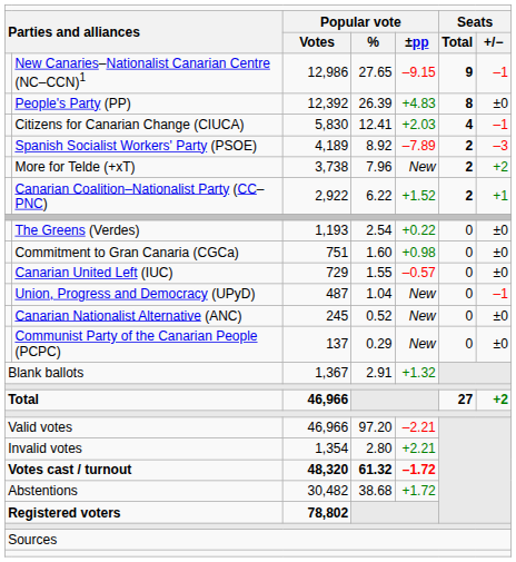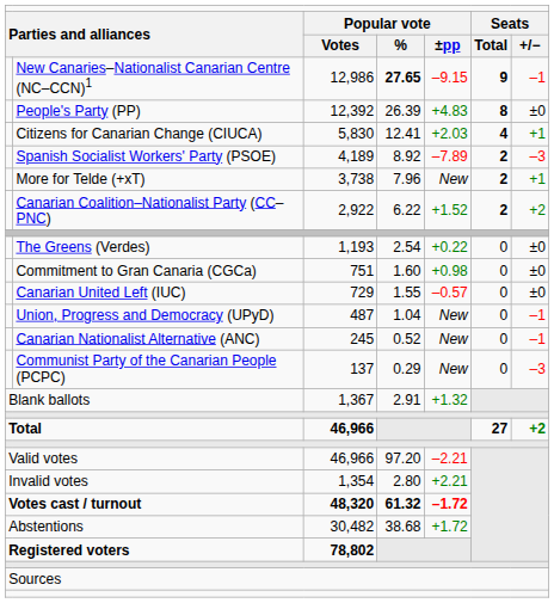 <table class="wikitable" style="text-align:right;">
 <tr>
 <td colspan="7"></td>
 </tr>
 <tr>
 <th style="text-align:left;" rowspan="2" colspan="2" width="525">Parties and alliances</th>
 <th colspan="3">Popular vote</th>
 <th colspan="2">Seats</th>
 </tr>
 <tr>
 <th width="75">Votes</th>
 <th width="45">%</th>
 <th width="45">±<a href='#'>pp</a></th>
 <th width="35">Total</th>
 <th width="35">+/−</th>
 </tr>
 <tr>
 <td width="1" style="color:inherit;background:"></td>
 <td align="left"><a href='#'>New Canaries</a>–<a href='#'>Nationalist Canarian Centre</a> (NC–CCN)<sup>1</sup></td>
 <td>12,986</td>
-<td>27.65</td>
+<td><strong>27.65</strong></td>
 <td style="color:red;">–9.15</td>
 <td><strong>9</strong></td>
 <td style="color:red;">–1</td>
 </tr>
 <tr>
 <td style="color:inherit;background:"></td>
 <td align="left"><a href='#'>People's Party</a> (PP)</td>
 <td>12,392</td>
 <td>26.39</td>
 <td style="color:green;">+4.83</td>
 <td><strong>8</strong></td>
 <td>±0</td>
 </tr>
 <tr>
 <td style="color:inherit;background:"></td>
 <td align="left">Citizens for Canarian Change (CIUCA)</td>
 <td>5,830</td>
 <td>12.41</td>
 <td style="color:green;">+2.03</td>
 <td><strong>4</strong></td>
-<td style="color:red;">–1</td>
+<td style="color:green;">+1</td>
 </tr>
 <tr>
 <td style="color:inherit;background:"></td>
 <td align="left"><a href='#'>Spanish Socialist Workers' Party</a> (PSOE)</td>
 <td>4,189</td>
 <td>8.92</td>
 <td style="color:red;">–7.89</td>
 <td><strong>2</strong></td>
 <td style="color:red;">–3</td>
 </tr>
 <tr>
 <td style="color:inherit;background:"></td>
 <td align="left">More for Telde (+xT)</td>
 <td>3,738</td>
 <td>7.96</td>
 <td><em>New</em></td>
 <td><strong>2</strong></td>
-<td style="color:green;">+2</td>
+<td style="color:green;">+1</td>
 </tr>
 <tr>
 <td style="color:inherit;background:"></td>
 <td align="left"><a href='#'>Canarian Coalition–Nationalist Party</a> (<a href='#'>CC</a>–<a href='#'>PNC</a>)</td>
 <td>2,922</td>
 <td>6.22</td>
 <td style="color:green;">+1.52</td>
 <td><strong>2</strong></td>
-<td style="color:green;">+1</td>
+<td style="color:green;">+2</td>
 </tr>
 <tr>
 <td colspan="7" bgcolor="#C0C0C0"></td>
 </tr>
 <tr>
 <td style="color:inherit;background:"></td>
 <td align="left"><a href='#'>The Greens</a> (Verdes)</td>
 <td>1,193</td>
 <td>2.54</td>
 <td style="color:green;">+0.22</td>
 <td>0</td>
 <td>±0</td>
 </tr>
 <tr>
 <td style="color:inherit;background:"></td>
 <td align="left">Commitment to Gran Canaria (CGCa)</td>
 <td>751</td>
 <td>1.60</td>
 <td style="color:green;">+0.98</td>
 <td>0</td>
 <td>±0</td>
 </tr>
 <tr>
 <td style="color:inherit;background:"></td>
 <td align="left"><a href='#'>Canarian United Left</a> (IUC)</td>
 <td>729</td>
 <td>1.55</td>
 <td style="color:red;">–0.57</td>
 <td>0</td>
 <td>±0</td>
 </tr>
 <tr>
 <td style="color:inherit;background:"></td>
 <td align="left"><a href='#'>Union, Progress and Democracy</a> (UPyD)</td>
 <td>487</td>
 <td>1.04</td>
 <td><em>New</em></td>
 <td>0</td>
 <td style="color:red;">–1</td>
 </tr>
 <tr>
 <td style="color:inherit;background:"></td>
 <td align="left"><a href='#'>Canarian Nationalist Alternative</a> (ANC)</td>
 <td>245</td>
 <td>0.52</td>
 <td><em>New</em></td>
 <td>0</td>
-<td>±0</td>
+<td style="color:red;">–1</td>
 </tr>
 <tr>
 <td style="color:inherit;background:"></td>
 <td align="left"><a href='#'>Communist Party of the Canarian People</a> (PCPC)</td>
 <td>137</td>
 <td>0.29</td>
 <td><em>New</em></td>
 <td>0</td>
-<td>±0</td>
+<td style="color:red;">–3</td>
 </tr>
 <tr>
 <td align="left" colspan="2">Blank ballots</td>
 <td>1,367</td>
 <td>2.91</td>
 <td style="color:green;">+1.32</td>
 <td bgcolor="#E9E9E9" colspan="2"></td>
 </tr>
 <tr>
 <td colspan="7" bgcolor="#E9E9E9"></td>
 </tr>
 <tr style="font-weight:bold;">
 <td align="left" colspan="2">Total</td>
 <td>46,966</td>
 <td bgcolor="#E9E9E9" colspan="2"></td>
 <td>27</td>
 <td style="color:green;">+2</td>
 </tr>
 <tr>
 <td colspan="7" bgcolor="#E9E9E9"></td>
 </tr>
 <tr>
 <td align="left" colspan="2">Valid votes</td>
 <td>46,966</td>
 <td>97.20</td>
 <td style="color:red;">–2.21</td>
 <td bgcolor="#E9E9E9" colspan="2" rowspan="5"></td>
 </tr>
 <tr>
 <td align="left" colspan="2">Invalid votes</td>
 <td>1,354</td>
 <td>2.80</td>
 <td style="color:green;">+2.21</td>
 </tr>
 <tr style="font-weight:bold;">
 <td align="left" colspan="2">Votes cast / turnout</td>
 <td>48,320</td>
 <td>61.32</td>
 <td style="color:red;">–1.72</td>
 </tr>
 <tr>
 <td align="left" colspan="2">Abstentions</td>
 <td>30,482</td>
 <td>38.68</td>
 <td style="color:green;">+1.72</td>
 </tr>
 <tr style="font-weight:bold;">
 <td align="left" colspan="2">Registered voters</td>
 <td>78,802</td>
 <td bgcolor="#E9E9E9" colspan="2"></td>
 </tr>
 <tr>
 <td colspan="7" bgcolor="#E9E9E9"></td>
 </tr>
 <tr>
 <td align="left" colspan="7">Sources</td>
 </tr>
 <tr>
 <td colspan="7" style="text-align:left; max-width:790px;"></td>
 </tr>
 </table>
